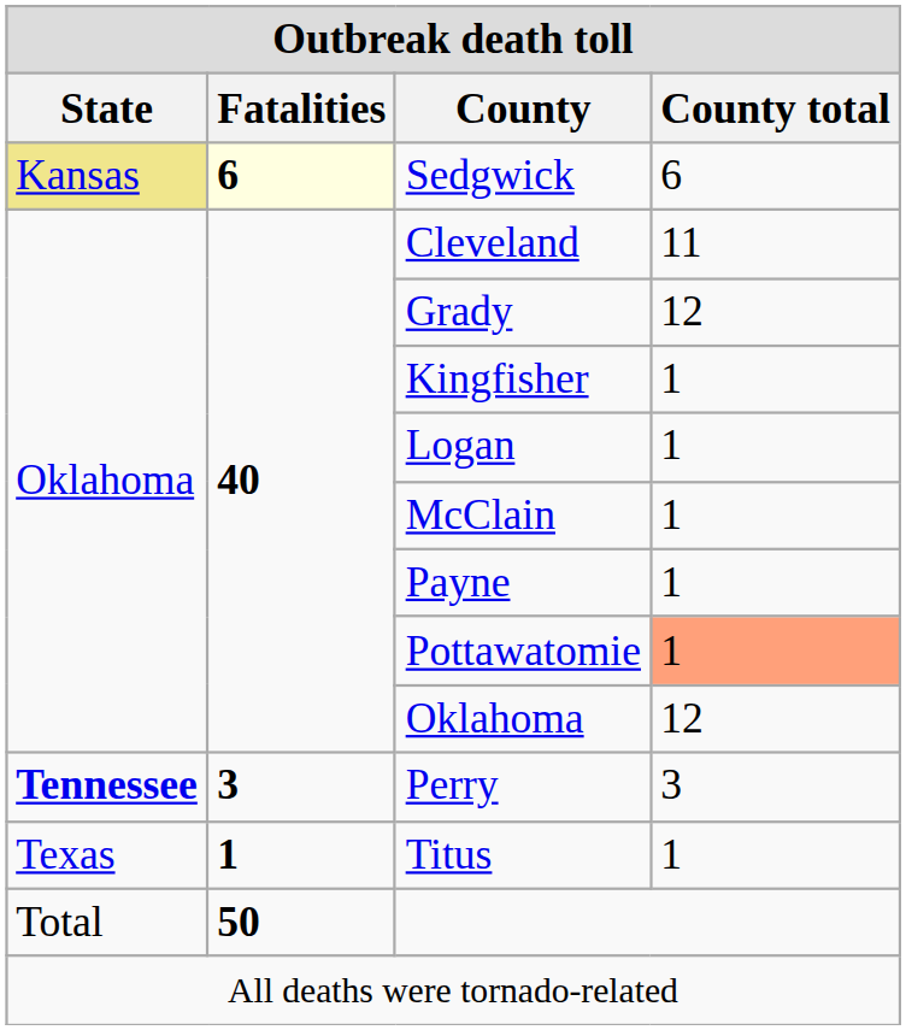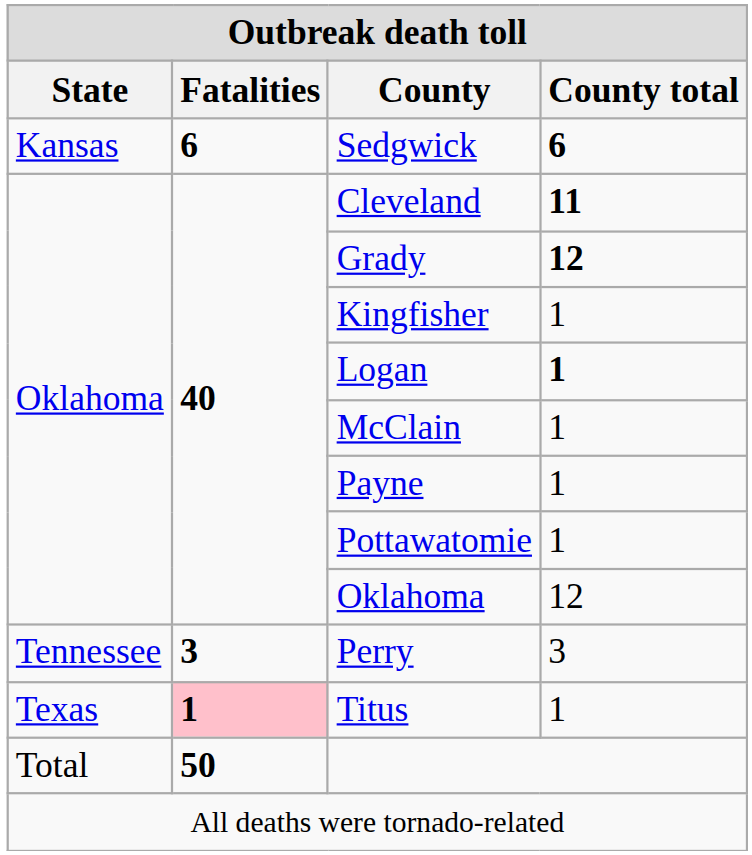 <table class="wikitable" style="margin:0 0 0.5em 1em;float:right;">
 <tr>
 <th colspan="4" style= background:#DCDCDC; color:#FFFFFF; border: 2px solid #D33A5D>Outbreak death toll</th>
 </tr>
 <tr>
 <th>State</th>
 <th>Fatalities</th>
 <th>County</th>
 <th>County total</th>
 </tr>
 <tr>
-<td style="background: khaki;"><a href='#'>Kansas</a></td>
-<td style="background: lightyellow;"><strong>6</strong></td>
+<td><a href='#'>Kansas</a></td>
+<td><strong>6</strong></td>
 <td><a href='#'>Sedgwick</a></td>
-<td>6</td>
+<td><strong>6</strong></td>
 </tr>
 <tr>
 <td rowspan="8"><a href='#'>Oklahoma</a></td>
 <td rowspan="8"><strong>40</strong></td>
 <td><a href='#'>Cleveland</a></td>
-<td>11</td>
+<td><strong>11</strong></td>
 </tr>
 <tr>
 <td><a href='#'>Grady</a></td>
-<td>12</td>
+<td><strong>12</strong></td>
 </tr>
 <tr>
 <td><a href='#'>Kingfisher</a></td>
 <td>1</td>
 </tr>
 <tr>
 <td><a href='#'>Logan</a></td>
-<td>1</td>
+<td><strong>1</strong></td>
 </tr>
 <tr>
 <td><a href='#'>McClain</a></td>
 <td>1</td>
 </tr>
 <tr>
 <td><a href='#'>Payne</a></td>
 <td>1</td>
 </tr>
 <tr>
 <td><a href='#'>Pottawatomie</a></td>
-<td style="background: lightsalmon;">1</td>
+<td>1</td>
 </tr>
 <tr>
 <td><a href='#'>Oklahoma</a></td>
 <td>12</td>
 </tr>
 <tr>
-<td><strong><a href='#'>Tennessee</a></strong></td>
+<td><a href='#'>Tennessee</a></td>
 <td><strong>3</strong></td>
 <td><a href='#'>Perry</a></td>
 <td>3</td>
 </tr>
 <tr>
 <td><a href='#'>Texas</a></td>
-<td><strong>1</strong></td>
+<td style="background: pink;"><strong>1</strong></td>
 <td><a href='#'>Titus</a></td>
 <td>1</td>
 </tr>
 <tr>
 <td>Total</td>
 <td><strong>50</strong></td>
 <td colspan=2></td>
 </tr>
 <tr>
 <td colspan="4" style="text-align:center;"><small>All deaths were tornado-related</small></td>
 </tr>
 </table>
